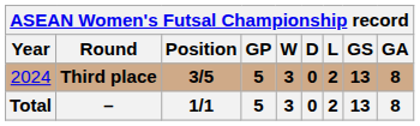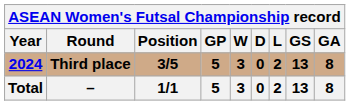 <table class="wikitable" style="text-align: center;font-size:90%;">
 <tr>
 <th colspan="9"><a href='#'>ASEAN Women's Futsal Championship</a> record</th>
 </tr>
 <tr>
 <th>Year</th>
 <th>Round</th>
 <th>Position</th>
 <th>GP</th>
 <th>W</th>
 <th>D</th>
 <th>L</th>
 <th>GS</th>
 <th>GA</th>
 </tr>
 <tr bgcolor=#CFAA88>
-<td> <a href='#'>2024</a></td>
+<td><strong> <a href='#'>2024</a></strong></td>
 <td><strong>Third place</strong></td>
 <td><strong>3/5</strong></td>
 <td><strong>5</strong></td>
 <td><strong>3</strong></td>
 <td><strong>0</strong></td>
 <td><strong>2</strong></td>
 <td><strong>13</strong></td>
 <td><strong>8</strong></td>
 </tr>
 <tr>
 <th><strong>Total</strong></th>
 <th>–</th>
 <th><strong>1/1</strong></th>
 <th><strong>5</strong></th>
 <th><strong>3</strong></th>
 <th><strong>0</strong></th>
 <th><strong>2</strong></th>
 <th><strong>13</strong></th>
 <th><strong>8</strong></th>
 </tr>
 </table>
